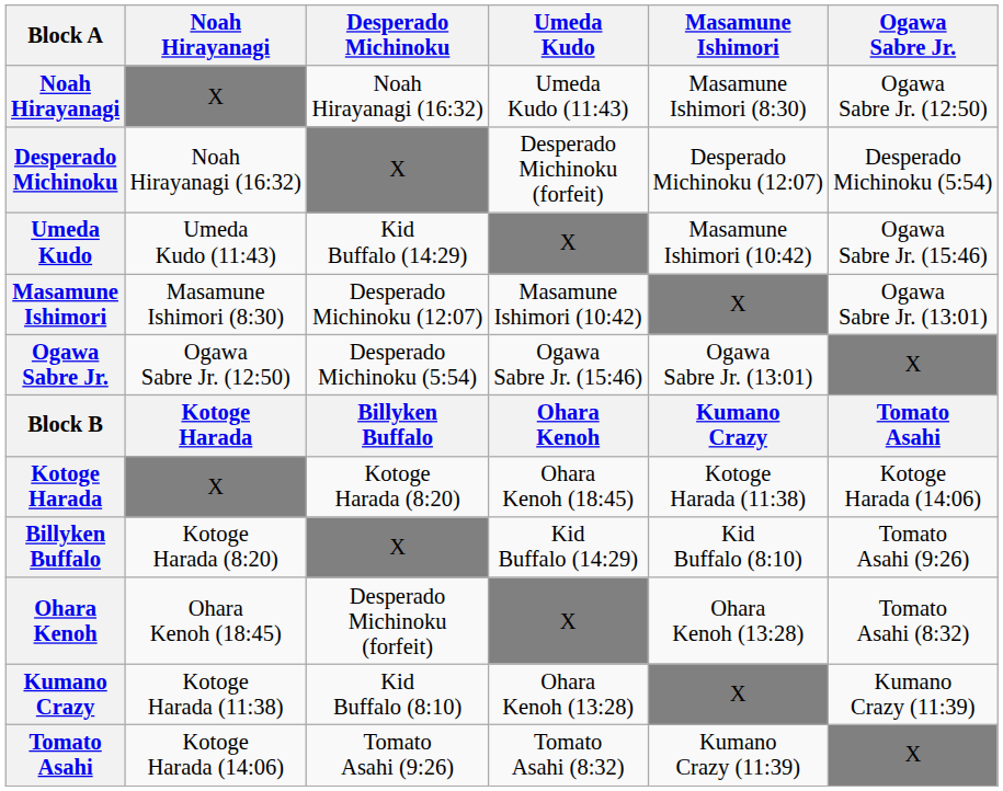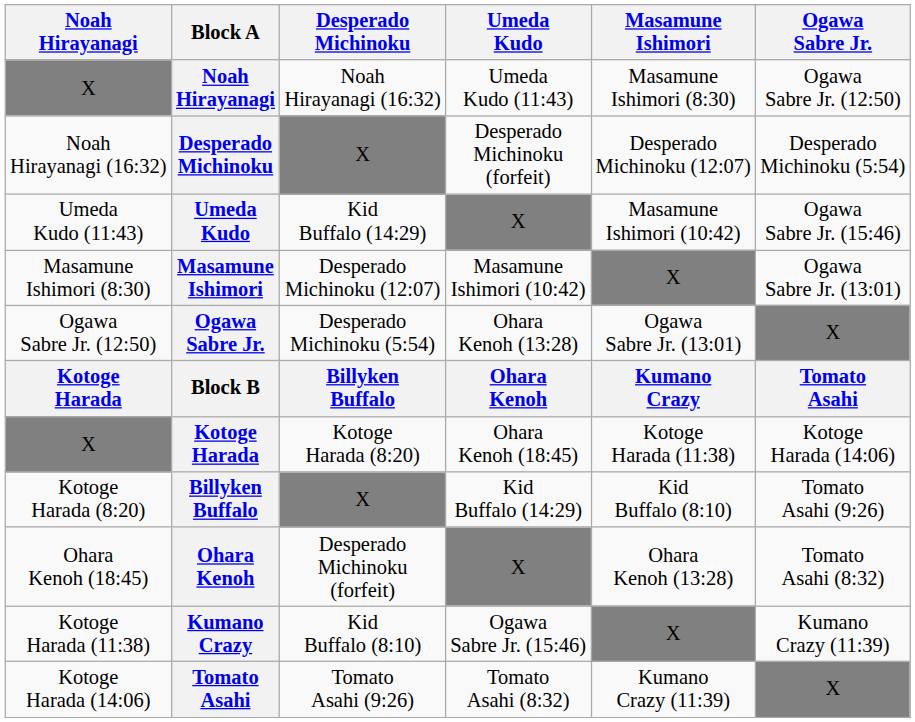 <table class="wikitable" style="margin: 1em auto 1em auto">
 <tr>
+<th><a href='#'>Noah</a><br><a href='#'>Hirayanagi</a></th>
 <th>Block A</th>
-<th><a href='#'>Noah</a><br><a href='#'>Hirayanagi</a></th>
 <th><a href='#'>Desperado</a><br><a href='#'>Michinoku</a></th>
 <th><a href='#'>Umeda</a><br><a href='#'>Kudo</a></th>
 <th><a href='#'>Masamune</a><br><a href='#'>Ishimori</a></th>
 <th><a href='#'>Ogawa</a><br><a href='#'>Sabre Jr.</a></th>
 </tr>
 <tr align="center">
+<td bgcolor=Grey>X</td>
 <th><a href='#'>Noah</a><br><a href='#'>Hirayanagi</a></th>
-<td bgcolor=Grey>X</td>
 <td>Noah<br>Hirayanagi (16:32)</td>
 <td>Umeda<br>Kudo (11:43)</td>
 <td>Masamune<br>Ishimori (8:30)</td>
 <td>Ogawa<br>Sabre Jr. (12:50)</td>
 </tr>
 <tr align="center">
+<td>Noah<br>Hirayanagi (16:32)</td>
 <th><a href='#'>Desperado</a><br><a href='#'>Michinoku</a></th>
-<td>Noah<br>Hirayanagi (16:32)</td>
 <td bgcolor=Grey>X</td>
 <td>Desperado<br>Michinoku<br>(forfeit)</td>
 <td>Desperado<br>Michinoku (12:07)</td>
 <td>Desperado<br>Michinoku (5:54)</td>
 </tr>
 <tr align="center">
+<td>Umeda<br>Kudo (11:43)</td>
 <th><a href='#'>Umeda</a><br><a href='#'>Kudo</a></th>
-<td>Umeda<br>Kudo (11:43)</td>
 <td>Kid<br>Buffalo (14:29)</td>
 <td bgcolor=Grey>X</td>
 <td>Masamune<br>Ishimori (10:42)</td>
 <td>Ogawa<br>Sabre Jr. (15:46)</td>
 </tr>
 <tr align="center">
+<td>Masamune<br>Ishimori (8:30)</td>
 <th><a href='#'>Masamune</a><br><a href='#'>Ishimori</a></th>
-<td>Masamune<br>Ishimori (8:30)</td>
 <td>Desperado<br>Michinoku (12:07)</td>
 <td>Masamune<br>Ishimori (10:42)</td>
 <td bgcolor=Grey>X</td>
 <td>Ogawa<br>Sabre Jr. (13:01)</td>
 </tr>
 <tr align="center">
+<td>Ogawa<br>Sabre Jr. (12:50)</td>
 <th><a href='#'>Ogawa</a><br><a href='#'>Sabre Jr.</a></th>
-<td>Ogawa<br>Sabre Jr. (12:50)</td>
 <td>Desperado<br>Michinoku (5:54)</td>
-<td>Ogawa<br>Sabre Jr. (15:46)</td>
+<td>Ohara<br>Kenoh (13:28)</td>
 <td>Ogawa<br>Sabre Jr. (13:01)</td>
 <td bgcolor=Grey>X</td>
 </tr>
 <tr align="center">
+<th><a href='#'>Kotoge</a><br><a href='#'>Harada</a></th>
 <th>Block B</th>
-<th><a href='#'>Kotoge</a><br><a href='#'>Harada</a></th>
 <th><a href='#'>Billyken</a><br><a href='#'>Buffalo</a></th>
 <th><a href='#'>Ohara</a><br><a href='#'>Kenoh</a></th>
 <th><a href='#'>Kumano</a><br><a href='#'>Crazy</a></th>
 <th><a href='#'>Tomato</a><br><a href='#'>Asahi</a></th>
 </tr>
 <tr align="center">
+<td bgcolor=Grey>X</td>
 <th><a href='#'>Kotoge</a><br><a href='#'>Harada</a></th>
-<td bgcolor=Grey>X</td>
 <td>Kotoge<br>Harada (8:20)</td>
 <td>Ohara<br>Kenoh (18:45)</td>
 <td>Kotoge<br>Harada (11:38)</td>
 <td>Kotoge<br>Harada (14:06)</td>
 </tr>
 <tr align="center">
+<td>Kotoge<br>Harada (8:20)</td>
 <th><a href='#'>Billyken</a><br><a href='#'>Buffalo</a></th>
-<td>Kotoge<br>Harada (8:20)</td>
 <td bgcolor=Grey>X</td>
 <td>Kid<br>Buffalo (14:29)</td>
 <td>Kid<br>Buffalo (8:10)</td>
 <td>Tomato<br>Asahi (9:26)</td>
 </tr>
 <tr align="center">
+<td>Ohara<br>Kenoh (18:45)</td>
 <th><a href='#'>Ohara</a><br><a href='#'>Kenoh</a></th>
-<td>Ohara<br>Kenoh (18:45)</td>
 <td>Desperado<br>Michinoku<br>(forfeit)</td>
 <td bgcolor=Grey>X</td>
 <td>Ohara<br>Kenoh (13:28)</td>
 <td>Tomato<br>Asahi (8:32)</td>
 </tr>
 <tr align="center">
+<td>Kotoge<br>Harada (11:38)</td>
 <th><a href='#'>Kumano</a><br><a href='#'>Crazy</a></th>
-<td>Kotoge<br>Harada (11:38)</td>
 <td>Kid<br>Buffalo (8:10)</td>
-<td>Ohara<br>Kenoh (13:28)</td>
+<td>Ogawa<br>Sabre Jr. (15:46)</td>
 <td bgcolor=Grey>X</td>
 <td>Kumano<br>Crazy (11:39)</td>
 </tr>
 <tr align="center">
+<td>Kotoge<br>Harada (14:06)</td>
 <th><a href='#'>Tomato</a><br><a href='#'>Asahi</a></th>
-<td>Kotoge<br>Harada (14:06)</td>
 <td>Tomato<br>Asahi (9:26)</td>
 <td>Tomato<br>Asahi (8:32)</td>
 <td>Kumano<br>Crazy (11:39)</td>
 <td bgcolor=Grey>X</td>
 </tr>
 </table>
